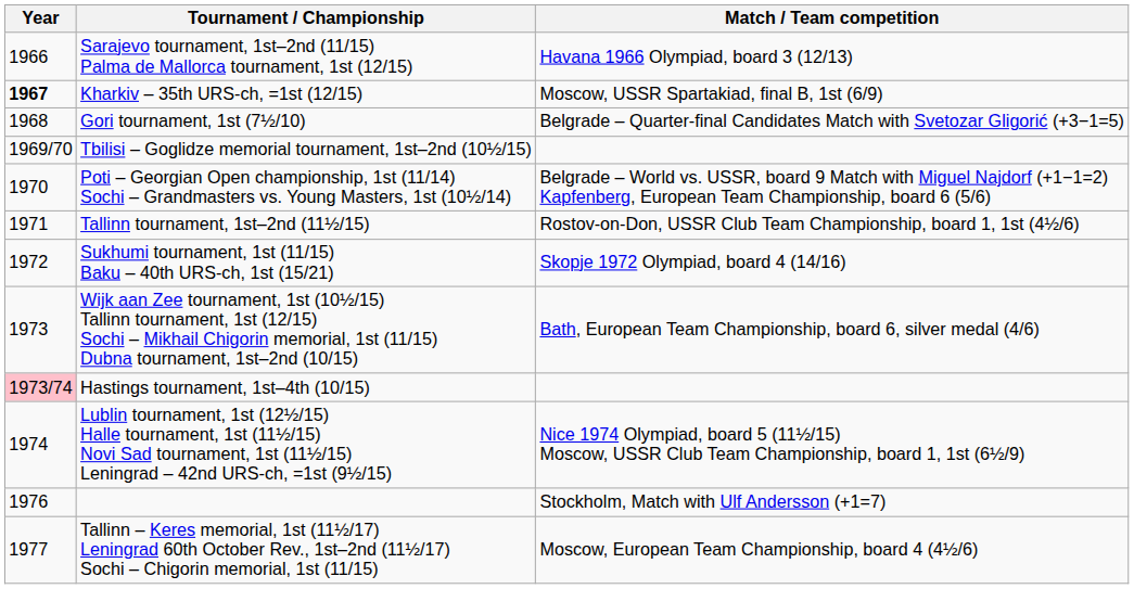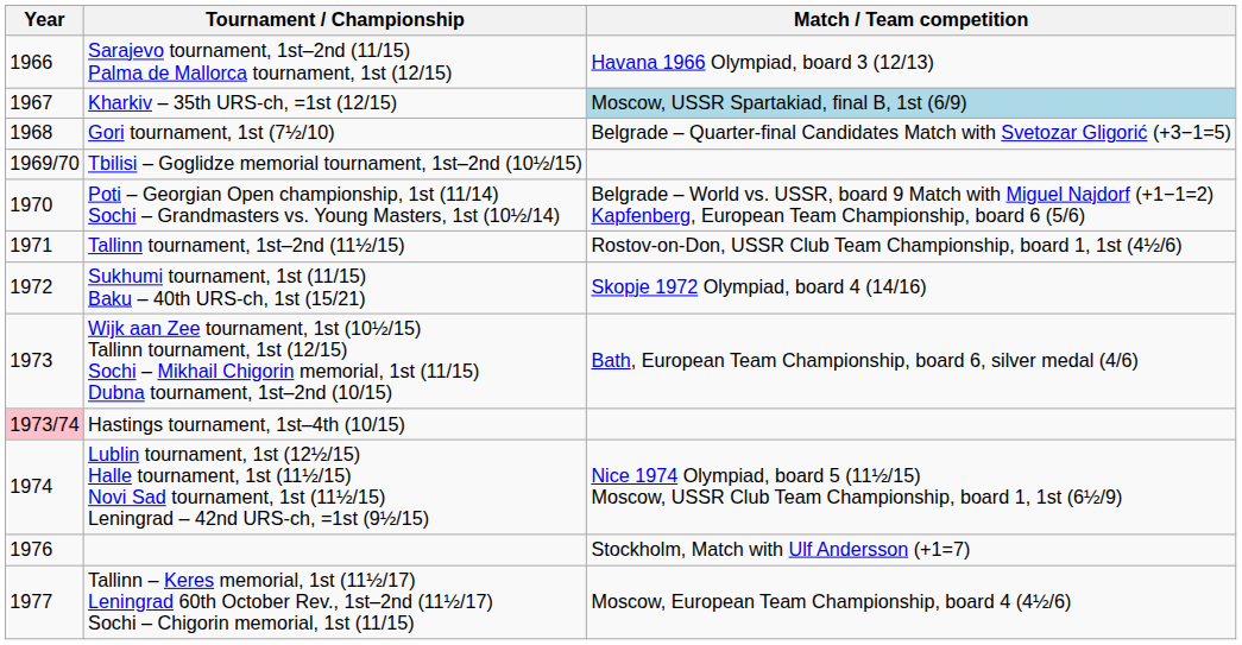 <table class="wikitable">
 <tr>
 <th>Year</th>
 <th>Tournament / Championship</th>
 <th>Match / Team competition</th>
 </tr>
 <tr>
 <td>1966</td>
 <td><a href='#'>Sarajevo</a> tournament, 1st–2nd (11/15)<br><a href='#'>Palma de Mallorca</a> tournament, 1st (12/15)</td>
 <td><a href='#'>Havana 1966</a> Olympiad, board 3 (12/13)</td>
 </tr>
 <tr>
-<td><strong>1967</strong></td>
+<td>1967</td>
 <td><a href='#'>Kharkiv</a> – 35th URS-ch, =1st (12/15)</td>
-<td>Moscow, USSR Spartakiad, final B, 1st (6/9)</td>
+<td style="background: lightblue;">Moscow, USSR Spartakiad, final B, 1st (6/9)</td>
 </tr>
 <tr>
 <td>1968</td>
 <td><a href='#'>Gori</a> tournament, 1st (7½/10)</td>
 <td>Belgrade – Quarter-final Candidates Match with <a href='#'>Svetozar Gligorić</a> (+3−1=5)</td>
 </tr>
 <tr>
 <td>1969/70</td>
 <td><a href='#'>Tbilisi</a> – Goglidze memorial tournament, 1st–2nd (10½/15)</td>
 </tr>
 <tr>
 <td>1970</td>
 <td><a href='#'>Poti</a> – Georgian Open championship, 1st (11/14) <br><a href='#'>Sochi</a> – Grandmasters vs. Young Masters, 1st (10½/14)</td>
 <td>Belgrade – World vs. USSR, board 9 Match with <a href='#'>Miguel Najdorf</a> (+1−1=2)<br> <a href='#'>Kapfenberg</a>, European Team Championship, board 6 (5/6)</td>
 </tr>
 <tr>
 <td>1971</td>
 <td><a href='#'>Tallinn</a> tournament, 1st–2nd (11½/15)</td>
 <td>Rostov-on-Don, USSR Club Team Championship, board 1, 1st (4½/6)</td>
 </tr>
 <tr>
 <td>1972</td>
 <td><a href='#'>Sukhumi</a> tournament, 1st (11/15)<br> <a href='#'>Baku</a> – 40th URS-ch, 1st (15/21)</td>
 <td><a href='#'>Skopje 1972</a> Olympiad, board 4 (14/16)</td>
 </tr>
 <tr>
 <td>1973</td>
 <td><a href='#'>Wijk aan Zee</a> tournament, 1st (10½/15) <br> Tallinn tournament, 1st (12/15) <br> <a href='#'>Sochi</a> – <a href='#'>Mikhail Chigorin</a> memorial, 1st (11/15) <br> <a href='#'>Dubna</a> tournament, 1st–2nd (10/15)</td>
 <td><a href='#'>Bath</a>, European Team Championship, board 6, silver medal (4/6)</td>
 </tr>
 <tr>
 <td style="background: pink;">1973/74</td>
 <td>Hastings tournament, 1st–4th (10/15)</td>
 </tr>
 <tr>
 <td>1974</td>
 <td><a href='#'>Lublin</a> tournament, 1st (12½/15) <br> <a href='#'>Halle</a> tournament, 1st (11½/15)<br><a href='#'>Novi Sad</a> tournament, 1st (11½/15) <br> Leningrad – 42nd URS-ch, =1st (9½/15)</td>
 <td><a href='#'>Nice 1974</a> Olympiad, board 5 (11½/15)<br>Moscow, USSR Club Team Championship, board 1, 1st (6½/9)</td>
 </tr>
 <tr>
 <td>1976</td>
 <td></td>
 <td>Stockholm, Match with <a href='#'>Ulf Andersson</a> (+1=7)</td>
 </tr>
 <tr>
 <td>1977</td>
 <td>Tallinn – <a href='#'>Keres</a> memorial, 1st (11½/17) <br> <a href='#'>Leningrad</a> 60th October Rev., 1st–2nd (11½/17) <br> Sochi – Chigorin memorial, 1st (11/15)</td>
 <td>Moscow, European Team Championship, board 4 (4½/6)</td>
 </tr>
 </table>
